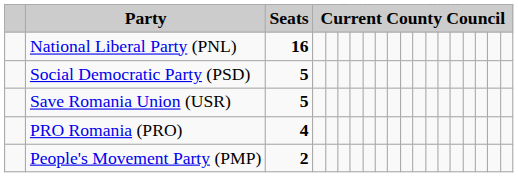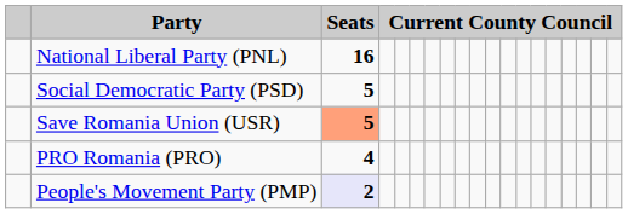 <table class="wikitable">
 <tr>
 <th style="background:#ccc">   </th>
 <th style="background:#ccc">Party</th>
 <th style="background:#ccc">Seats</th>
 <th style="background:#ccc" colspan="16">Current County Council</th>
 </tr>
 <tr>
 <td>  </td>
 <td><a href='#'>National Liberal Party</a> (PNL)</td>
 <td style="text-align: right"><strong>16</strong></td>
 <td>  </td>
 <td>  </td>
 <td>  </td>
 <td>  </td>
 <td>  </td>
 <td>  </td>
 <td>  </td>
 <td>  </td>
 <td>  </td>
 <td>  </td>
 <td>  </td>
 <td>  </td>
 <td>  </td>
 <td>  </td>
 <td>  </td>
 <td>  </td>
 </tr>
 <tr>
 <td>  </td>
 <td><a href='#'>Social Democratic Party</a> (PSD)</td>
 <td style="text-align: right"><strong>5</strong></td>
 <td>  </td>
 <td>  </td>
 <td>  </td>
 <td>  </td>
 <td>  </td>
 <td> </td>
 <td> </td>
 <td> </td>
 <td> </td>
 <td> </td>
 <td> </td>
 <td> </td>
 <td> </td>
 <td> </td>
 <td> </td>
 <td> </td>
 </tr>
 <tr>
 <td>  </td>
 <td><a href='#'>Save Romania Union</a> (USR)</td>
-<td style="text-align: right"><strong>5</strong></td>
+<td style="background: lightsalmon; text-align: right"><strong>5</strong></td>
 <td>  </td>
 <td>  </td>
 <td>  </td>
 <td>  </td>
 <td>  </td>
 <td> </td>
 <td> </td>
 <td> </td>
 <td> </td>
 <td> </td>
 <td> </td>
 <td> </td>
 <td> </td>
 <td> </td>
 <td> </td>
 <td> </td>
 </tr>
 <tr>
 <td>  </td>
 <td><a href='#'>PRO Romania</a> (PRO)</td>
 <td style="text-align: right"><strong>4</strong></td>
 <td>  </td>
 <td>  </td>
 <td>  </td>
 <td>  </td>
 <td> </td>
 <td> </td>
 <td> </td>
 <td> </td>
 <td> </td>
 <td> </td>
 <td> </td>
 <td> </td>
 <td> </td>
 <td> </td>
 <td> </td>
 <td> </td>
 </tr>
 <tr>
 <td>  </td>
 <td><a href='#'>People's Movement Party</a> (PMP)</td>
-<td style="text-align: right"><strong>2</strong></td>
+<td style="background: lavender; text-align: right"><strong>2</strong></td>
 <td>  </td>
 <td>  </td>
 <td> </td>
 <td> </td>
 <td> </td>
 <td> </td>
 <td> </td>
 <td> </td>
 <td> </td>
 <td> </td>
 <td> </td>
 <td> </td>
 <td> </td>
 <td> </td>
 <td> </td>
 <td> </td>
 </tr>
 </table>
